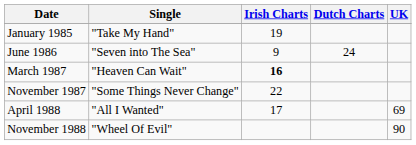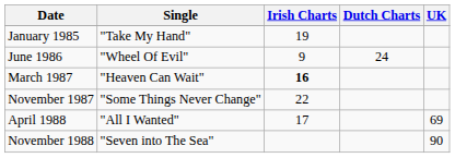 <table class=wikitable style=text-align:left;>
 <tr>
 <th>Date</th>
 <th>Single</th>
 <th><a href='#'>Irish Charts</a><br></th>
 <th><a href='#'>Dutch Charts</a><br></th>
 <th><a href='#'>UK</a><br></th>
 </tr>
 <tr>
 </tr>
 <tr>
 <td>January 1985</td>
 <td align=left>"Take My Hand"</td>
 <td align=center>19</td>
 <td></td>
 <td></td>
 </tr>
 <tr>
 <td>June 1986</td>
-<td align=left>"Seven into The Sea"</td>
+<td align=left>"Wheel Of Evil"</td>
 <td align=center>9</td>
 <td align=center>24</td>
 <td></td>
 </tr>
 <tr>
 <td>March 1987</td>
 <td align=left>"Heaven Can Wait"</td>
 <td align=center><strong>16</strong></td>
 <td></td>
 <td></td>
 </tr>
 <tr>
 <td>November 1987</td>
 <td align=left>"Some Things Never Change"</td>
 <td align=center>22</td>
 <td></td>
 <td></td>
 </tr>
 <tr>
 <td>April 1988</td>
 <td align=left>"All I Wanted"</td>
 <td align=center>17</td>
 <td></td>
 <td align=center>69</td>
 </tr>
 <tr>
 <td>November 1988</td>
-<td align=left>"Wheel Of Evil"</td>
+<td align=left>"Seven into The Sea"</td>
 <td></td>
 <td></td>
 <td align=center>90</td>
 </tr>
 </table>
